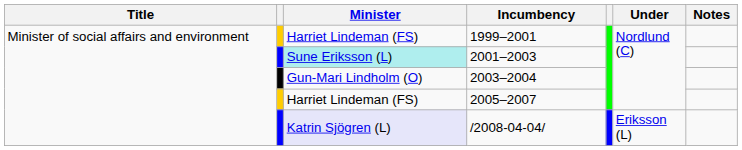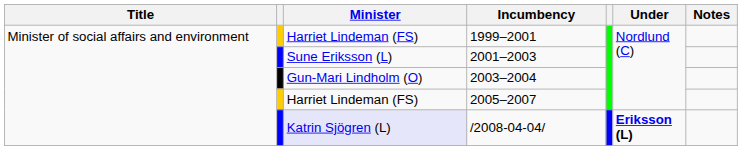 <table class="wikitable" style="width:100%;">
 <tr>
 <th>Title</th>
 <th style="width:1px;"></th>
 <th style="width:25%;"><a href='#'>Minister</a></th>
 <th style="width:160px;">Incumbency</th>
 <th style="width:1px;"></th>
 <th style="width:10%;">Under</th>
 <th style="width:7%;">Notes</th>
 </tr>
 <tr>
 <td rowspan="5" style="vertical-align:top;">Minister of social affairs and environment</td>
 <td style="background:#ffcd00;"></td>
 <td><a href='#'>Harriet Lindeman</a> (<a href='#'>FS</a>)</td>
 <td>1999–2001</td>
 <td rowspan="4" style="background:#0f0;"></td>
 <td rowspan="4" style="vertical-align:top;"><a href='#'>Nordlund</a> (<a href='#'>C</a>)</td>
 <td></td>
 </tr>
 <tr>
 <td style="background:#00f;"></td>
-<td style="background: paleturquoise;"><a href='#'>Sune Eriksson</a> (<a href='#'>L</a>)</td>
+<td><a href='#'>Sune Eriksson</a> (<a href='#'>L</a>)</td>
 <td>2001–2003</td>
 <td></td>
 </tr>
 <tr>
 <td style="background:#000;"></td>
 <td><a href='#'>Gun-Mari Lindholm</a> (<a href='#'>O</a>)</td>
 <td>2003–2004</td>
 <td></td>
 </tr>
 <tr>
 <td style="background:#ffcd00;"></td>
 <td>Harriet Lindeman (FS)</td>
 <td>2005–2007</td>
 <td></td>
 </tr>
 <tr>
 <td style="background:#00f;"></td>
 <td style="background: lavender;"><a href='#'>Katrin Sjögren</a> (L)</td>
 <td>/2008-04-04/</td>
 <td style="background:#00f;"></td>
-<td><a href='#'>Eriksson</a> (L)</td>
+<td><strong><a href='#'>Eriksson</a> (L)</strong></td>
 <td></td>
 </tr>
 </table>
